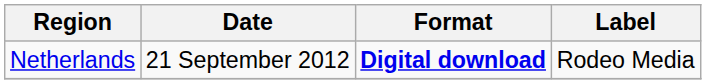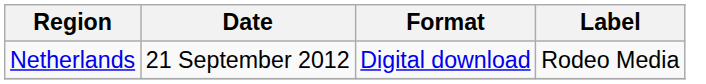 <table class=wikitable>
 <tr>
 <th>Region</th>
 <th>Date</th>
 <th>Format</th>
 <th>Label</th>
 </tr>
 <tr>
 <td><a href='#'>Netherlands</a></td>
 <td>21 September 2012</td>
-<td><strong><a href='#'>Digital download</a></strong></td>
+<td><a href='#'>Digital download</a></td>
 <td>Rodeo Media</td>
 </tr>
 <tr>
 </tr>
 </table>
